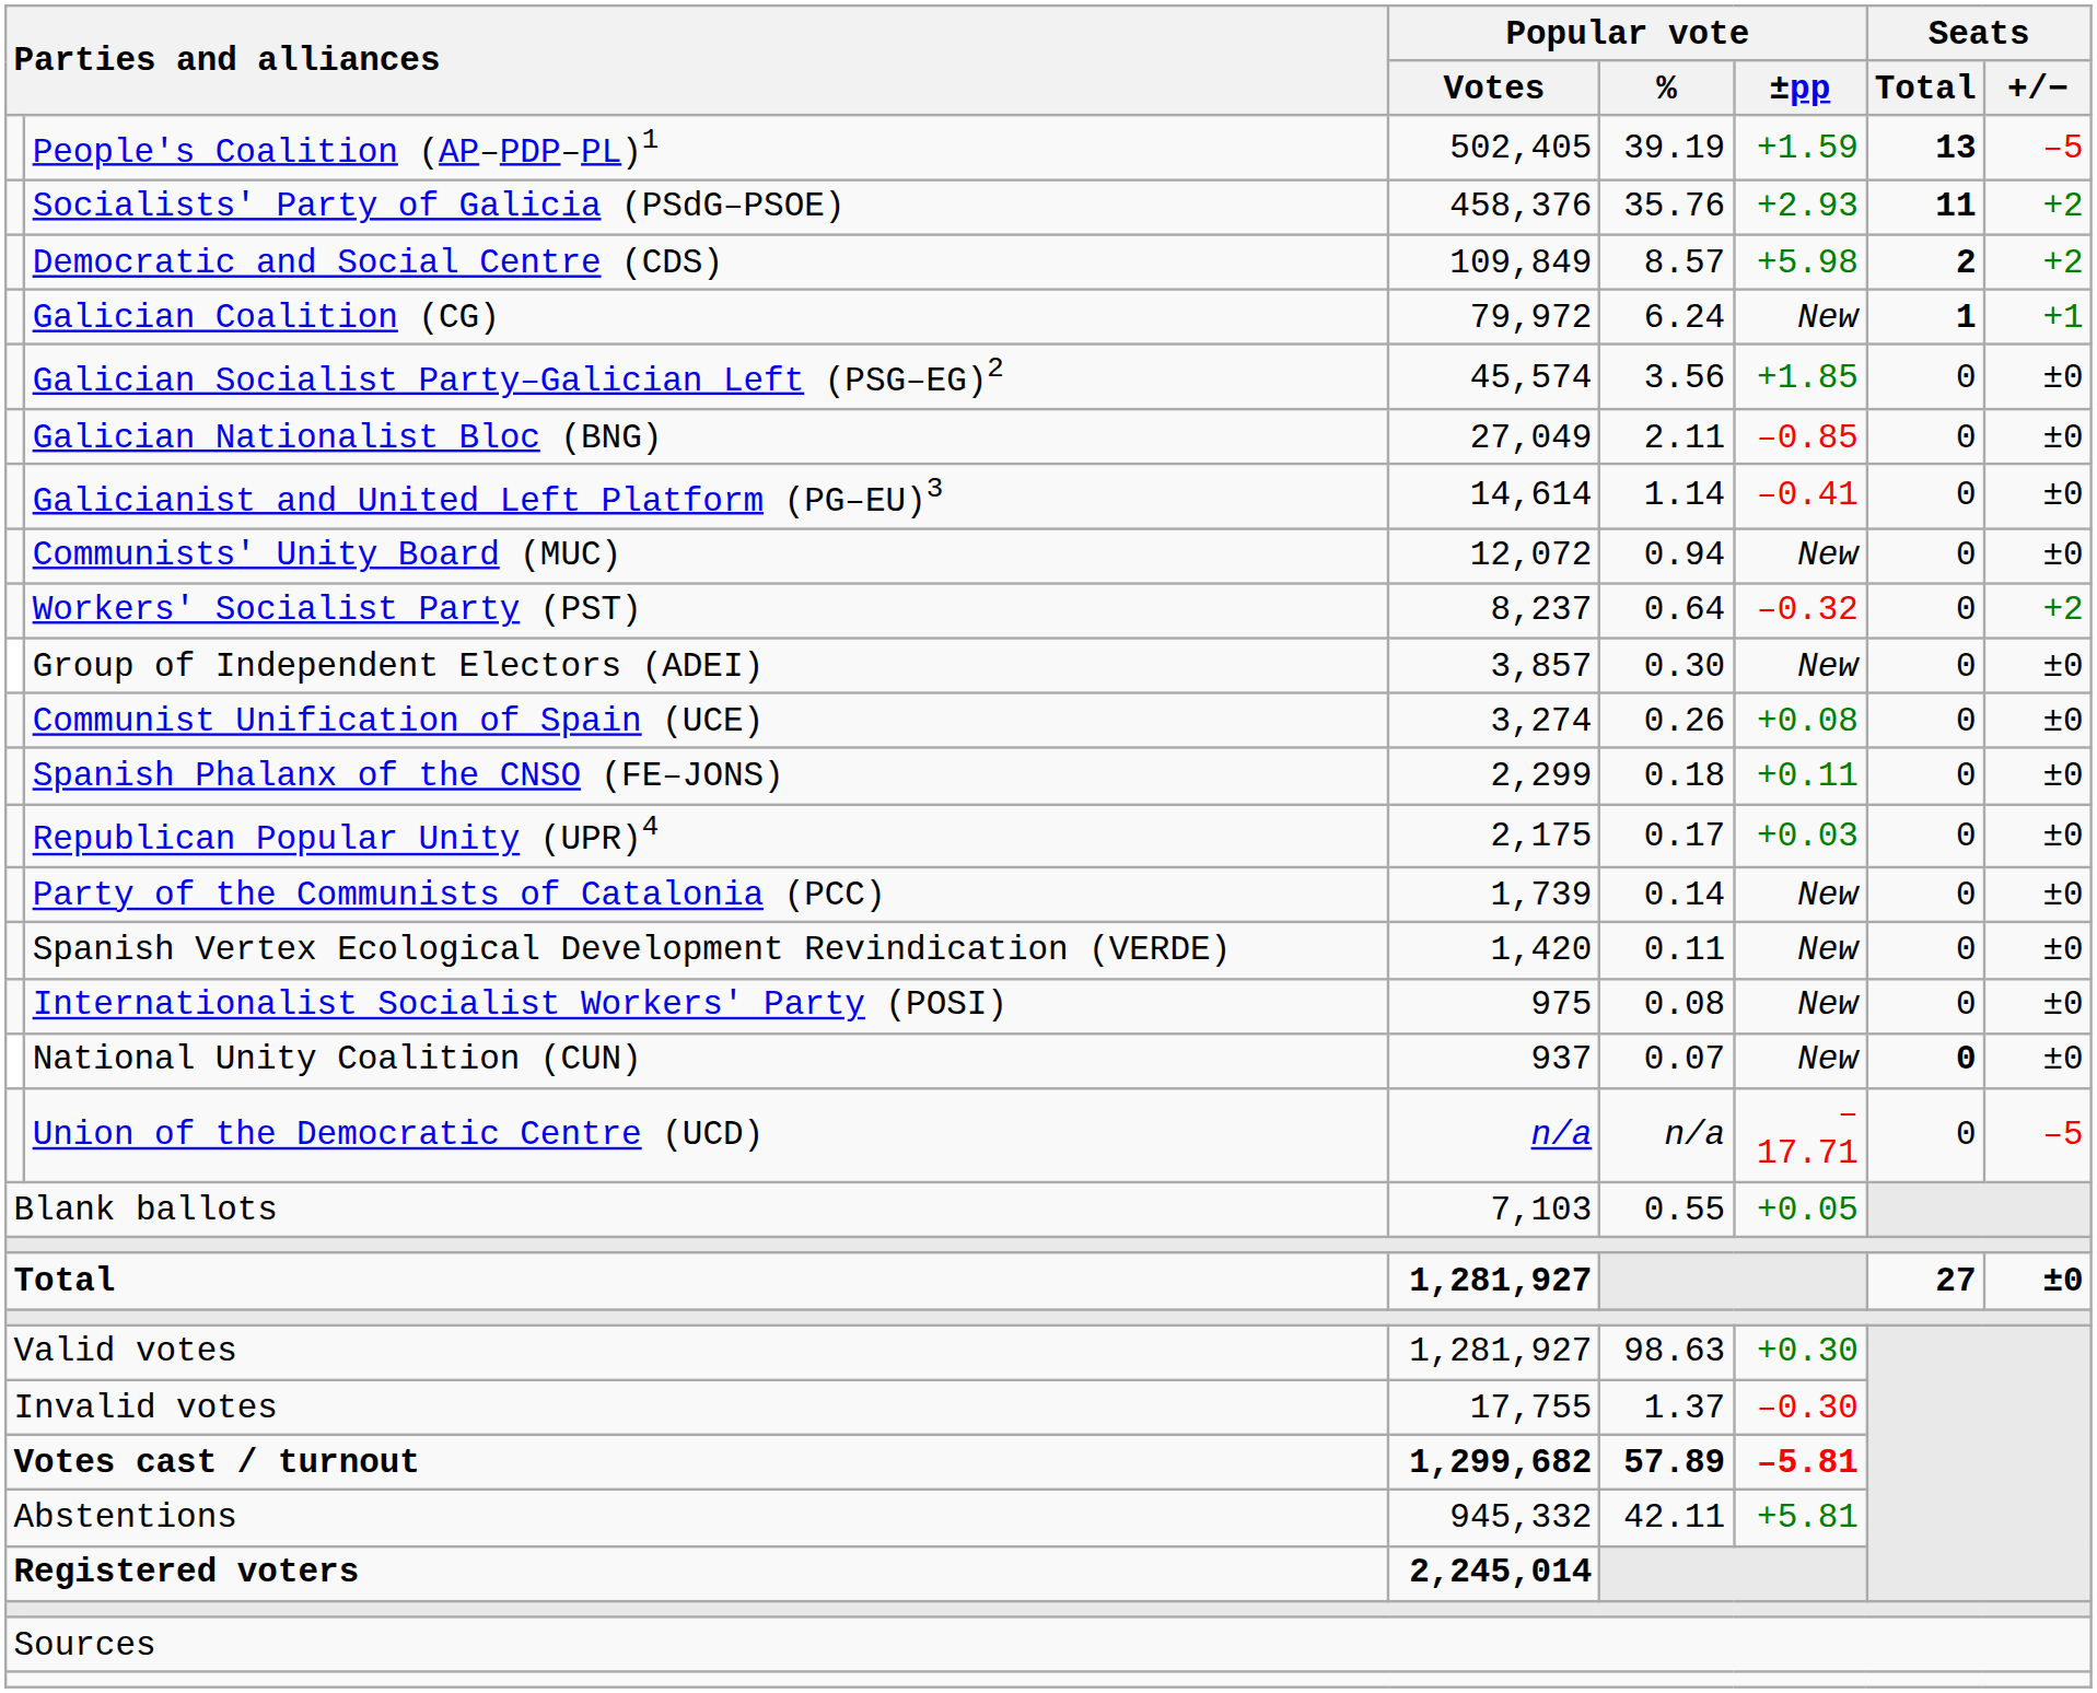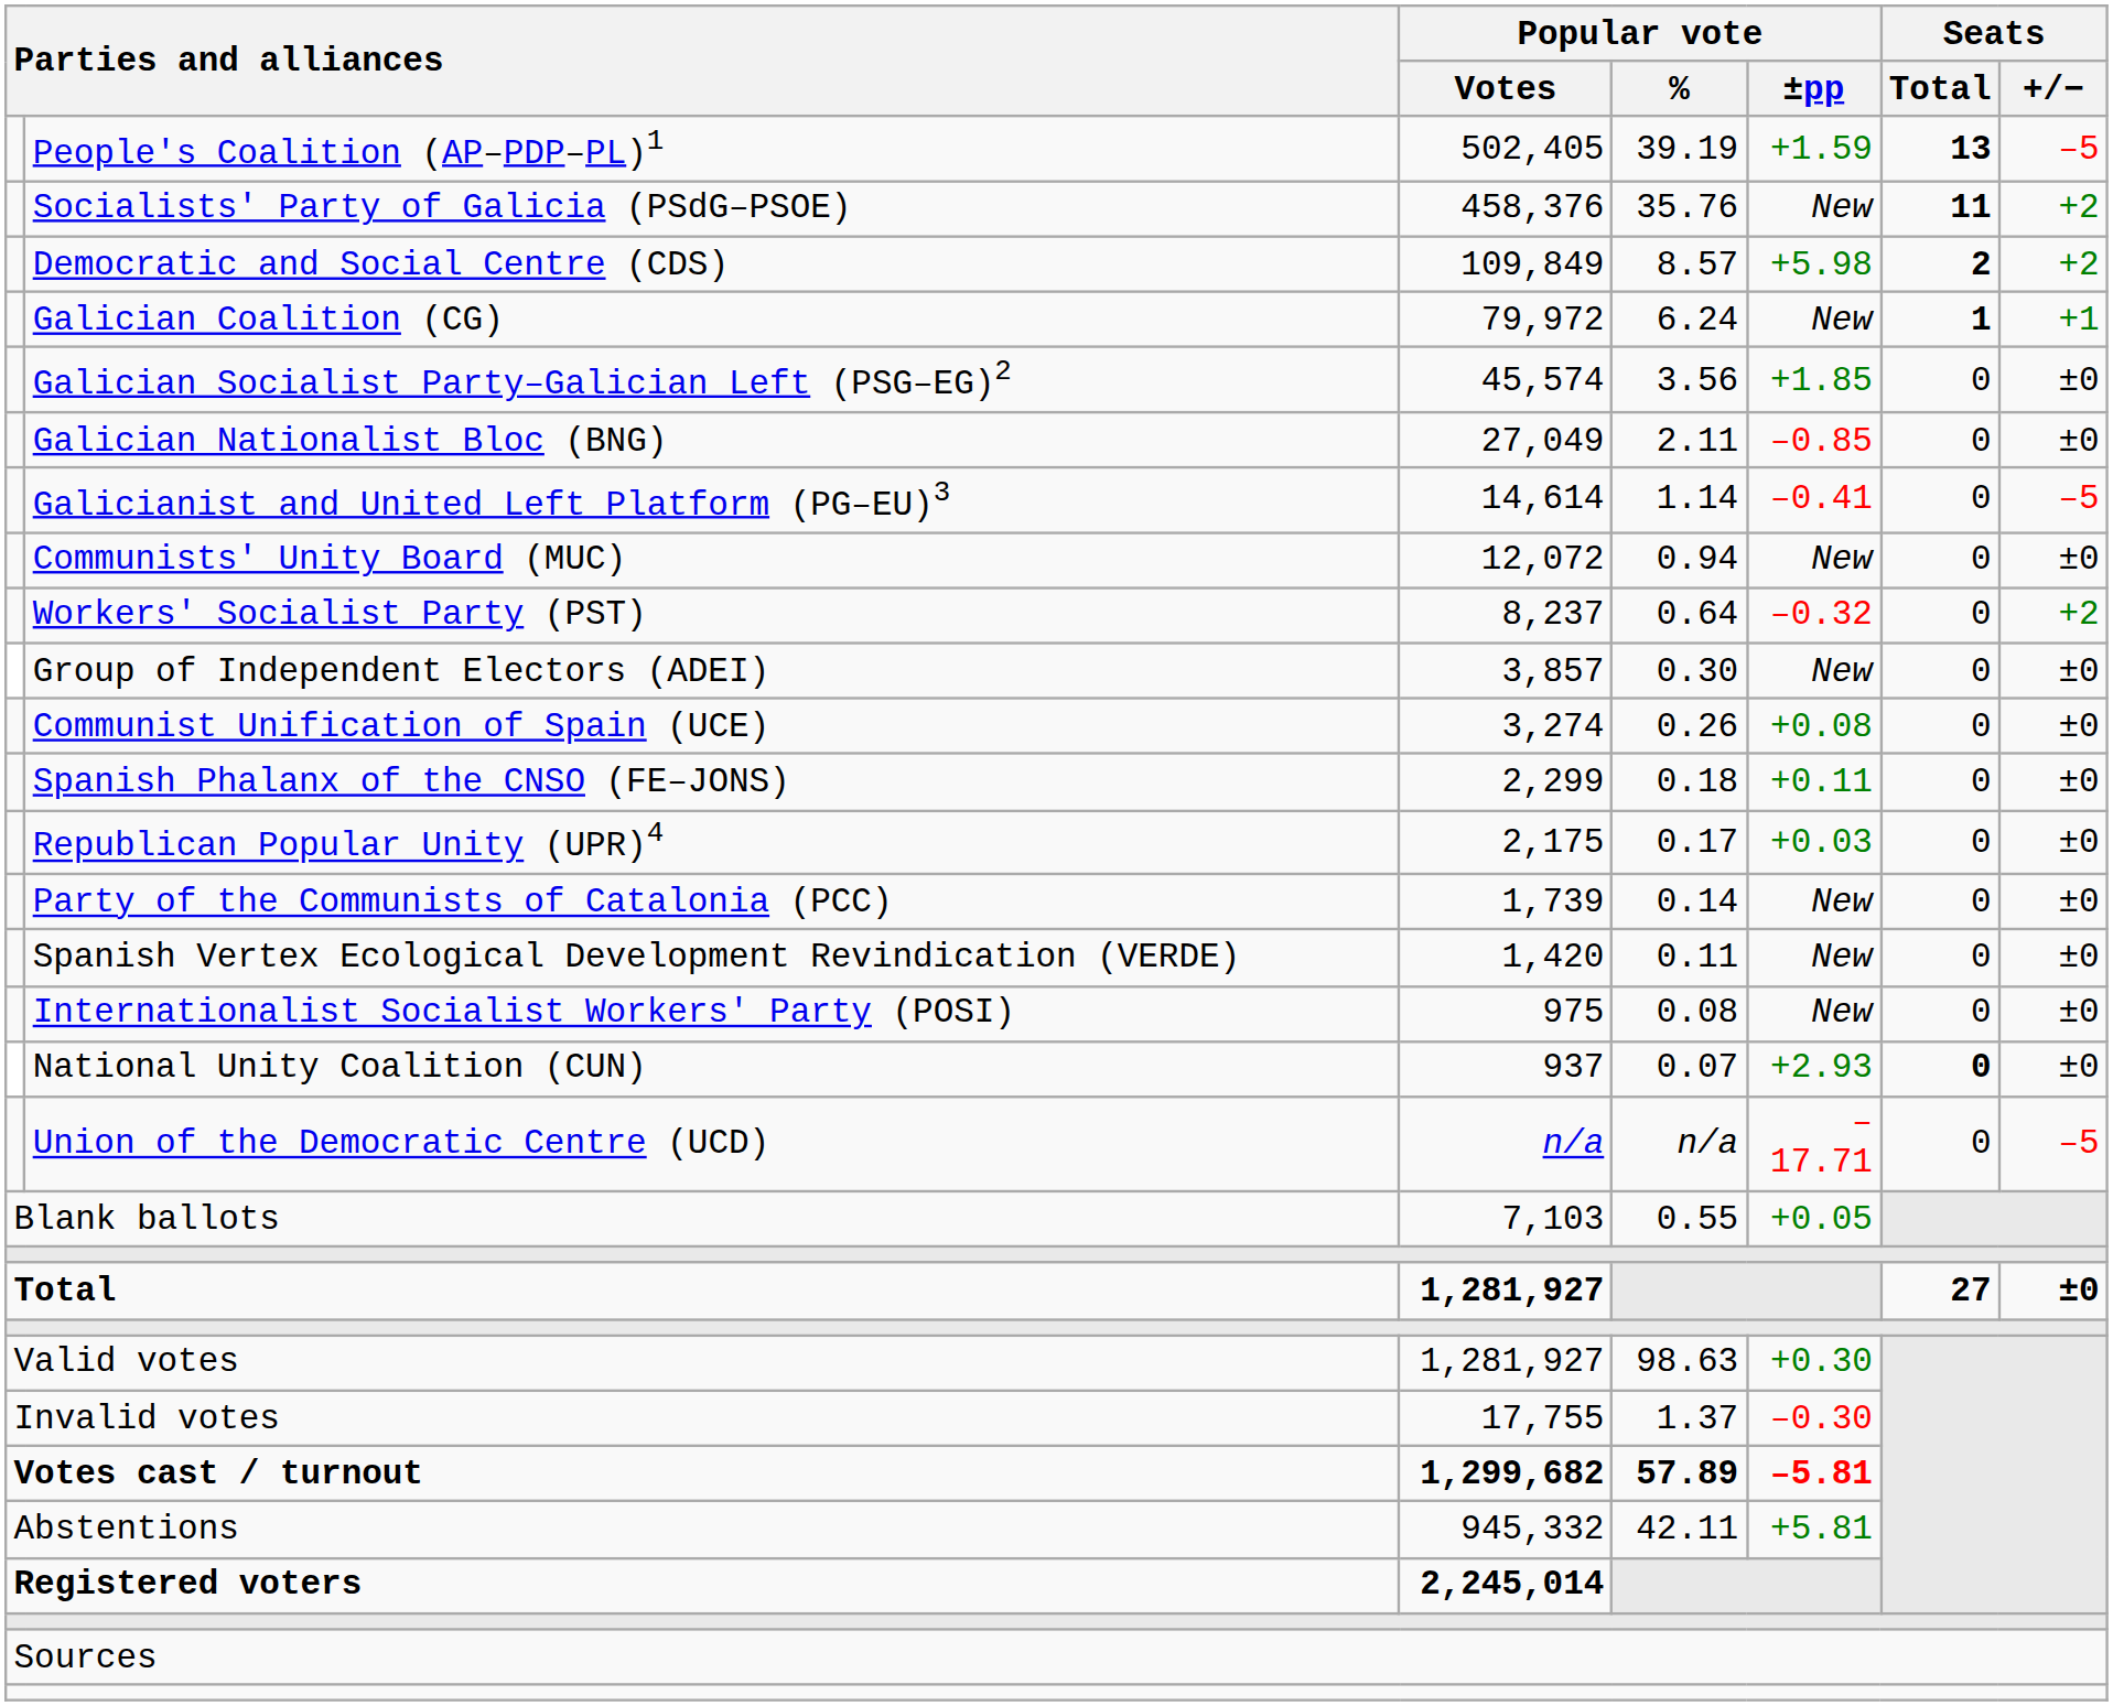 <table class="wikitable" style="text-align:right;">
 <tr>
 <th style="text-align:left;" rowspan="2" colspan="2" width="525">Parties and alliances</th>
 <th colspan="3">Popular vote</th>
 <th colspan="2">Seats</th>
 </tr>
 <tr>
 <th width="75">Votes</th>
 <th width="45">%</th>
 <th width="45">±<a href='#'>pp</a></th>
 <th width="35">Total</th>
 <th width="35">+/−</th>
 </tr>
 <tr>
 <td width="1" style="color:inherit;background:"></td>
 <td align="left"><a href='#'>People's Coalition</a> (<a href='#'>AP</a>–<a href='#'>PDP</a>–<a href='#'>PL</a>)<sup>1</sup></td>
 <td>502,405</td>
 <td>39.19</td>
 <td style="color:green;">+1.59</td>
 <td><strong>13</strong></td>
 <td style="color:red;">–5</td>
 </tr>
 <tr>
 <td style="color:inherit;background:"></td>
 <td align="left"><a href='#'>Socialists' Party of Galicia</a> (PSdG–PSOE)</td>
 <td>458,376</td>
 <td>35.76</td>
-<td style="color:green;">+2.93</td>
+<td><em>New</em></td>
 <td><strong>11</strong></td>
 <td style="color:green;">+2</td>
 </tr>
 <tr>
 <td style="color:inherit;background:"></td>
 <td align="left"><a href='#'>Democratic and Social Centre</a> (CDS)</td>
 <td>109,849</td>
 <td>8.57</td>
 <td style="color:green;">+5.98</td>
 <td><strong>2</strong></td>
 <td style="color:green;">+2</td>
 </tr>
 <tr>
 <td style="color:inherit;background:"></td>
 <td align="left"><a href='#'>Galician Coalition</a> (CG)</td>
 <td>79,972</td>
 <td>6.24</td>
 <td><em>New</em></td>
 <td><strong>1</strong></td>
 <td style="color:green;">+1</td>
 </tr>
 <tr>
 <td style="color:inherit;background:"></td>
 <td align="left"><a href='#'>Galician Socialist Party–Galician Left</a> (PSG–EG)<sup>2</sup></td>
 <td>45,574</td>
 <td>3.56</td>
 <td style="color:green;">+1.85</td>
 <td>0</td>
 <td>±0</td>
 </tr>
 <tr>
 <td style="color:inherit;background:"></td>
 <td align="left"><a href='#'>Galician Nationalist Bloc</a> (BNG)</td>
 <td>27,049</td>
 <td>2.11</td>
 <td style="color:red;">–0.85</td>
 <td>0</td>
 <td>±0</td>
 </tr>
 <tr>
 <td style="color:inherit;background:"></td>
 <td align="left"><a href='#'>Galicianist and United Left Platform</a> (PG–EU)<sup>3</sup></td>
 <td>14,614</td>
 <td>1.14</td>
 <td style="color:red;">–0.41</td>
 <td>0</td>
-<td>±0</td>
+<td style="color:red;">–5</td>
 </tr>
 <tr>
 <td style="color:inherit;background:"></td>
 <td align="left"><a href='#'>Communists' Unity Board</a> (MUC)</td>
 <td>12,072</td>
 <td>0.94</td>
 <td><em>New</em></td>
 <td>0</td>
 <td>±0</td>
 </tr>
 <tr>
 <td style="color:inherit;background:"></td>
 <td align="left"><a href='#'>Workers' Socialist Party</a> (PST)</td>
 <td>8,237</td>
 <td>0.64</td>
 <td style="color:red;">–0.32</td>
 <td>0</td>
 <td style="color:green;">+2</td>
 </tr>
 <tr>
 <td bgcolor="white"></td>
 <td align="left">Group of Independent Electors (ADEI)</td>
 <td>3,857</td>
 <td>0.30</td>
 <td><em>New</em></td>
 <td>0</td>
 <td>±0</td>
 </tr>
 <tr>
 <td style="color:inherit;background:"></td>
 <td align="left"><a href='#'>Communist Unification of Spain</a> (UCE)</td>
 <td>3,274</td>
 <td>0.26</td>
 <td style="color:green;">+0.08</td>
 <td>0</td>
 <td>±0</td>
 </tr>
 <tr>
 <td style="color:inherit;background:"></td>
 <td align="left"><a href='#'>Spanish Phalanx of the CNSO</a> (FE–JONS)</td>
 <td>2,299</td>
 <td>0.18</td>
 <td style="color:green;">+0.11</td>
 <td>0</td>
 <td>±0</td>
 </tr>
 <tr>
 <td style="color:inherit;background:"></td>
 <td align="left"><a href='#'>Republican Popular Unity</a> (UPR)<sup>4</sup></td>
 <td>2,175</td>
 <td>0.17</td>
 <td style="color:green;">+0.03</td>
 <td>0</td>
 <td>±0</td>
 </tr>
 <tr>
 <td style="color:inherit;background:"></td>
 <td align="left"><a href='#'>Party of the Communists of Catalonia</a> (PCC)</td>
 <td>1,739</td>
 <td>0.14</td>
 <td><em>New</em></td>
 <td>0</td>
 <td>±0</td>
 </tr>
 <tr>
 <td style="color:inherit;background:"></td>
 <td align="left">Spanish Vertex Ecological Development Revindication (VERDE)</td>
 <td>1,420</td>
 <td>0.11</td>
 <td><em>New</em></td>
 <td>0</td>
 <td>±0</td>
 </tr>
 <tr>
 <td style="color:inherit;background:"></td>
 <td align="left"><a href='#'>Internationalist Socialist Workers' Party</a> (POSI)</td>
 <td>975</td>
 <td>0.08</td>
 <td><em>New</em></td>
 <td>0</td>
 <td>±0</td>
 </tr>
 <tr>
 <td bgcolor="white"></td>
 <td align="left">National Unity Coalition (CUN)</td>
 <td>937</td>
 <td>0.07</td>
-<td><em>New</em></td>
+<td style="color:green;">+2.93</td>
 <td><strong>0</strong></td>
 <td>±0</td>
 </tr>
 <tr>
 <td style="color:inherit;background:"></td>
 <td align="left"><a href='#'>Union of the Democratic Centre</a> (UCD)</td>
 <td><em><a href='#'>n/a</a></em></td>
 <td><em>n/a</em></td>
 <td style="color:red;">–17.71</td>
 <td>0</td>
 <td style="color:red;">–5</td>
 </tr>
 <tr>
 <td align="left" colspan="2">Blank ballots</td>
 <td>7,103</td>
 <td>0.55</td>
 <td style="color:green;">+0.05</td>
 <td bgcolor="#E9E9E9" colspan="2"></td>
 </tr>
 <tr>
 <td colspan="7" bgcolor="#E9E9E9"></td>
 </tr>
 <tr style="font-weight:bold;">
 <td align="left" colspan="2">Total</td>
 <td>1,281,927</td>
 <td bgcolor="#E9E9E9" colspan="2"></td>
 <td>27</td>
 <td>±0</td>
 </tr>
 <tr>
 <td colspan="7" bgcolor="#E9E9E9"></td>
 </tr>
 <tr>
 <td align="left" colspan="2">Valid votes</td>
 <td>1,281,927</td>
 <td>98.63</td>
 <td style="color:green;">+0.30</td>
 <td bgcolor="#E9E9E9" colspan="2" rowspan="5"></td>
 </tr>
 <tr>
 <td align="left" colspan="2">Invalid votes</td>
 <td>17,755</td>
 <td>1.37</td>
 <td style="color:red;">–0.30</td>
 </tr>
 <tr style="font-weight:bold;">
 <td align="left" colspan="2">Votes cast / turnout</td>
 <td>1,299,682</td>
 <td>57.89</td>
 <td style="color:red;">–5.81</td>
 </tr>
 <tr>
 <td align="left" colspan="2">Abstentions</td>
 <td>945,332</td>
 <td>42.11</td>
 <td style="color:green;">+5.81</td>
 </tr>
 <tr style="font-weight:bold;">
 <td align="left" colspan="2">Registered voters</td>
 <td>2,245,014</td>
 <td bgcolor="#E9E9E9" colspan="2"></td>
 </tr>
 <tr>
 <td colspan="7" bgcolor="#E9E9E9"></td>
 </tr>
 <tr>
 <td align="left" colspan="7">Sources</td>
 </tr>
 <tr>
 <td colspan="7" style="text-align:left; max-width:790px;"></td>
 </tr>
 </table>
